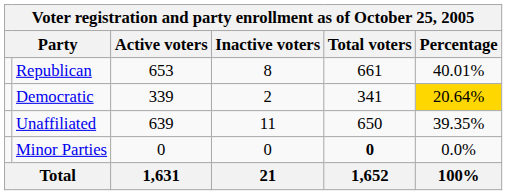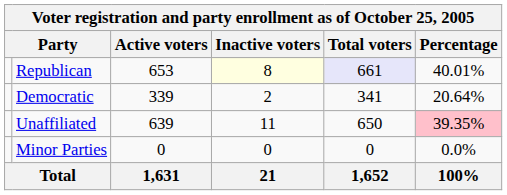 <table class=wikitable>
 <tr>
 <th colspan = 6>Voter registration and party enrollment as of October 25, 2005</th>
 </tr>
 <tr>
 <th colspan = 2>Party</th>
 <th>Active voters</th>
 <th>Inactive voters</th>
 <th>Total voters</th>
 <th>Percentage</th>
 </tr>
 <tr>
 <td></td>
 <td><a href='#'>Republican</a></td>
 <td align = center>653</td>
-<td align = center>8</td>
-<td align = center>661</td>
+<td align = center style="background: lightyellow;">8</td>
+<td align = center style="background: lavender;">661</td>
 <td align = center>40.01%</td>
 </tr>
 <tr>
 <td></td>
 <td><a href='#'>Democratic</a></td>
 <td align = center>339</td>
 <td align = center>2</td>
 <td align = center>341</td>
-<td align = center style="background: gold;">20.64%</td>
+<td align = center>20.64%</td>
 </tr>
 <tr>
 <td></td>
 <td><a href='#'>Unaffiliated</a></td>
 <td align = center>639</td>
 <td align = center>11</td>
 <td align = center>650</td>
-<td align = center>39.35%</td>
+<td align = center style="background: pink;">39.35%</td>
 </tr>
 <tr>
 <td></td>
 <td><a href='#'>Minor Parties</a></td>
 <td align = center>0</td>
 <td align = center>0</td>
-<td align = center><strong>0</strong></td>
+<td align = center>0</td>
 <td align = center>0.0%</td>
 </tr>
 <tr>
 <th colspan = 2>Total</th>
 <th align = center>1,631</th>
 <th align = center>21</th>
 <th align = center>1,652</th>
 <th align = center>100%</th>
 </tr>
 </table>
